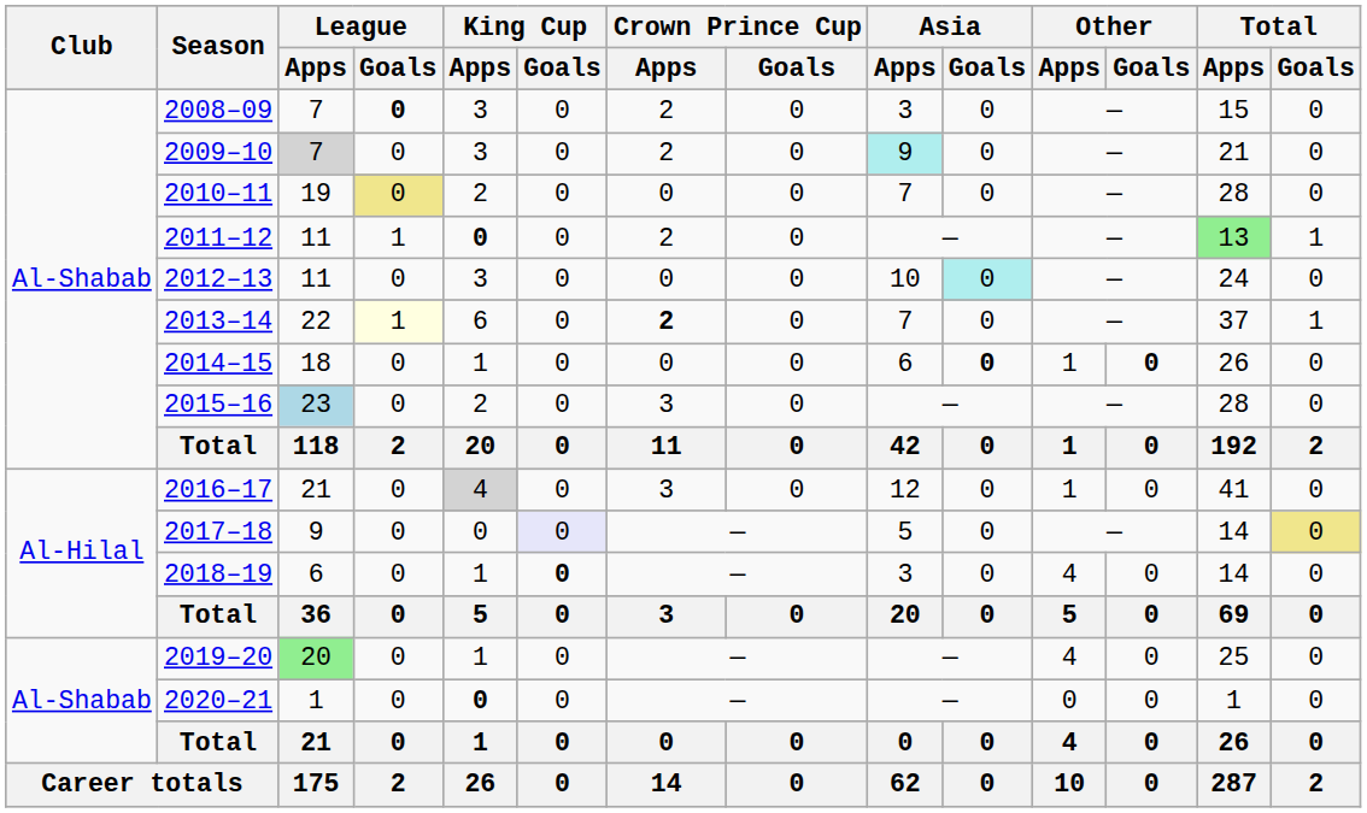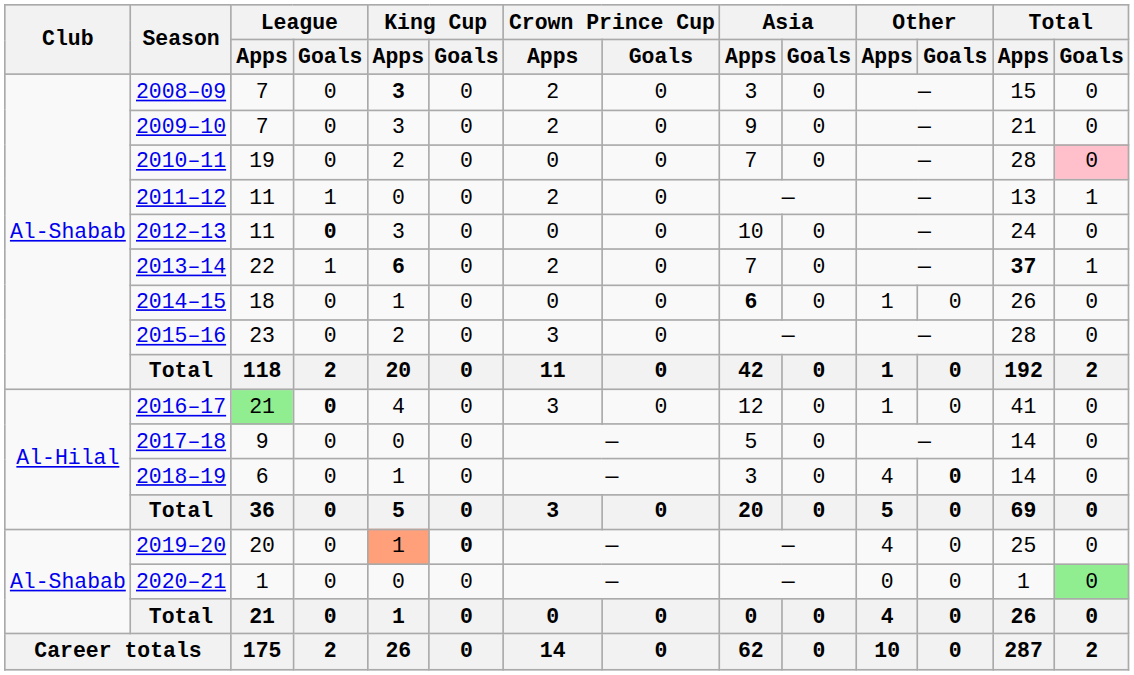 <table class="wikitable" style="text-align: center">
 <tr>
 <th rowspan=2>Club</th>
 <th rowspan=2>Season</th>
 <th colspan=2>League</th>
 <th colspan=2>King Cup</th>
 <th colspan=2>Crown Prince Cup</th>
 <th colspan=2>Asia</th>
 <th colspan=2>Other</th>
 <th colspan=2>Total</th>
 </tr>
 <tr>
 <th>Apps</th>
 <th>Goals</th>
 <th>Apps</th>
 <th>Goals</th>
 <th>Apps</th>
 <th>Goals</th>
 <th>Apps</th>
 <th>Goals</th>
 <th>Apps</th>
 <th>Goals</th>
 <th>Apps</th>
 <th>Goals</th>
 </tr>
 <tr>
 <td rowspan=9><a href='#'>Al-Shabab</a></td>
 <td><a href='#'>2008–09</a></td>
 <td>7</td>
-<td><strong>0</strong></td>
-<td>3</td>
+<td>0</td>
+<td><strong>3</strong></td>
 <td>0</td>
 <td>2</td>
 <td>0</td>
 <td>3</td>
 <td>0</td>
 <td colspan=2>—</td>
 <td>15</td>
 <td>0</td>
 </tr>
 <tr>
 <td><a href='#'>2009–10</a></td>
-<td style="background: lightgrey;">7</td>
+<td>7</td>
 <td>0</td>
 <td>3</td>
 <td>0</td>
 <td>2</td>
 <td>0</td>
-<td style="background: paleturquoise;">9</td>
+<td>9</td>
 <td>0</td>
 <td colspan=2>—</td>
 <td>21</td>
 <td>0</td>
 </tr>
 <tr>
 <td><a href='#'>2010–11</a></td>
 <td>19</td>
-<td style="background: khaki;">0</td>
+<td>0</td>
 <td>2</td>
 <td>0</td>
 <td>0</td>
 <td>0</td>
 <td>7</td>
 <td>0</td>
 <td colspan=2>—</td>
 <td>28</td>
-<td>0</td>
+<td style="background: pink;">0</td>
 </tr>
 <tr>
 <td><a href='#'>2011–12</a></td>
 <td>11</td>
 <td>1</td>
-<td><strong>0</strong></td>
+<td>0</td>
 <td>0</td>
 <td>2</td>
 <td>0</td>
 <td colspan=2>—</td>
 <td colspan=2>—</td>
-<td style="background: lightgreen;">13</td>
+<td>13</td>
 <td>1</td>
 </tr>
 <tr>
 <td><a href='#'>2012–13</a></td>
 <td>11</td>
-<td>0</td>
+<td><strong>0</strong></td>
 <td>3</td>
 <td>0</td>
 <td>0</td>
 <td>0</td>
 <td>10</td>
-<td style="background: paleturquoise;">0</td>
+<td>0</td>
 <td colspan=2>—</td>
 <td>24</td>
 <td>0</td>
 </tr>
 <tr>
 <td><a href='#'>2013–14</a></td>
 <td>22</td>
-<td style="background: lightyellow;">1</td>
-<td>6</td>
+<td>1</td>
+<td><strong>6</strong></td>
 <td>0</td>
-<td><strong>2</strong></td>
+<td>2</td>
 <td>0</td>
 <td>7</td>
 <td>0</td>
 <td colspan=2>—</td>
-<td>37</td>
+<td><strong>37</strong></td>
 <td>1</td>
 </tr>
 <tr>
 <td><a href='#'>2014–15</a></td>
 <td>18</td>
 <td>0</td>
 <td>1</td>
 <td>0</td>
 <td>0</td>
 <td>0</td>
-<td>6</td>
-<td><strong>0</strong></td>
+<td><strong>6</strong></td>
+<td>0</td>
 <td>1</td>
-<td><strong>0</strong></td>
+<td>0</td>
 <td>26</td>
 <td>0</td>
 </tr>
 <tr>
 <td><a href='#'>2015–16</a></td>
-<td style="background: lightblue;">23</td>
+<td>23</td>
 <td>0</td>
 <td>2</td>
 <td>0</td>
 <td>3</td>
 <td>0</td>
 <td colspan=2>—</td>
 <td colspan=2>—</td>
 <td>28</td>
 <td>0</td>
 </tr>
 <tr>
 <th>Total</th>
 <th>118</th>
 <th>2</th>
 <th>20</th>
 <th>0</th>
 <th>11</th>
 <th>0</th>
 <th>42</th>
 <th>0</th>
 <th>1</th>
 <th>0</th>
 <th>192</th>
 <th>2</th>
 </tr>
 <tr>
 <td rowspan=4><a href='#'>Al-Hilal</a></td>
 <td><a href='#'>2016–17</a></td>
-<td>21</td>
-<td>0</td>
-<td style="background: lightgrey;">4</td>
+<td style="background: lightgreen;">21</td>
+<td><strong>0</strong></td>
+<td>4</td>
 <td>0</td>
 <td>3</td>
 <td>0</td>
 <td>12</td>
 <td>0</td>
 <td>1</td>
 <td>0</td>
 <td>41</td>
 <td>0</td>
 </tr>
 <tr>
 <td><a href='#'>2017–18</a></td>
 <td>9</td>
 <td>0</td>
 <td>0</td>
-<td style="background: lavender;">0</td>
+<td>0</td>
 <td colspan=2>—</td>
 <td>5</td>
 <td>0</td>
 <td colspan=2>—</td>
 <td>14</td>
-<td style="background: khaki;">0</td>
+<td>0</td>
 </tr>
 <tr>
 <td><a href='#'>2018–19</a></td>
 <td>6</td>
 <td>0</td>
 <td>1</td>
-<td><strong>0</strong></td>
+<td>0</td>
 <td colspan=2>—</td>
 <td>3</td>
 <td>0</td>
 <td>4</td>
-<td>0</td>
+<td><strong>0</strong></td>
 <td>14</td>
 <td>0</td>
 </tr>
 <tr>
 <th>Total</th>
 <th>36</th>
 <th>0</th>
 <th>5</th>
 <th>0</th>
 <th>3</th>
 <th>0</th>
 <th>20</th>
 <th>0</th>
 <th>5</th>
 <th>0</th>
 <th>69</th>
 <th>0</th>
 </tr>
 <tr>
 <td rowspan=3><a href='#'>Al-Shabab</a></td>
 <td><a href='#'>2019–20</a></td>
-<td style="background: lightgreen;">20</td>
+<td>20</td>
 <td>0</td>
-<td>1</td>
-<td>0</td>
+<td style="background: lightsalmon;">1</td>
+<td><strong>0</strong></td>
 <td colspan=2>—</td>
 <td colspan=2>—</td>
 <td>4</td>
 <td>0</td>
 <td>25</td>
 <td>0</td>
 </tr>
 <tr>
 <td><a href='#'>2020–21</a></td>
 <td>1</td>
 <td>0</td>
-<td><strong>0</strong></td>
+<td>0</td>
 <td>0</td>
 <td colspan=2>—</td>
 <td colspan=2>—</td>
 <td>0</td>
 <td>0</td>
 <td>1</td>
-<td>0</td>
+<td style="background: lightgreen;">0</td>
 </tr>
 <tr>
 <th>Total</th>
 <th>21</th>
 <th>0</th>
 <th>1</th>
 <th>0</th>
 <th>0</th>
 <th>0</th>
 <th>0</th>
 <th>0</th>
 <th>4</th>
 <th>0</th>
 <th>26</th>
 <th>0</th>
 </tr>
 <tr>
 <th colspan=2>Career totals</th>
 <th>175</th>
 <th>2</th>
 <th>26</th>
 <th>0</th>
 <th>14</th>
 <th>0</th>
 <th>62</th>
 <th>0</th>
 <th>10</th>
 <th>0</th>
 <th>287</th>
 <th>2</th>
 </tr>
 </table>
